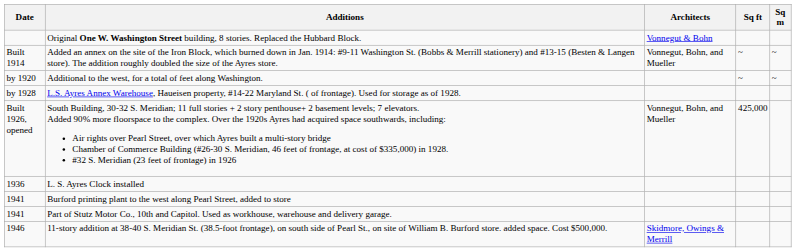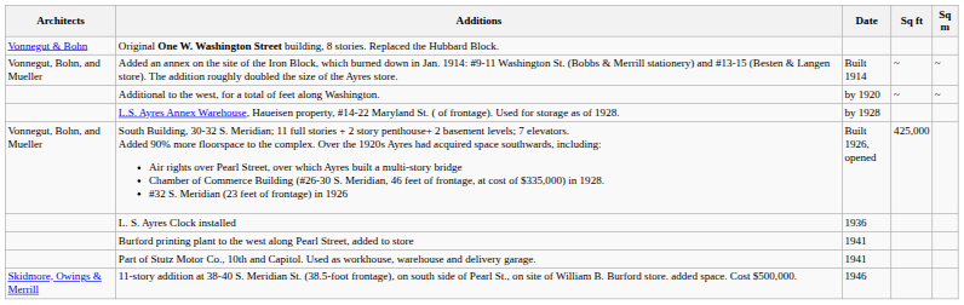 <table table class="wikitable" style="font-size:0.9em;line-spacing:0.8em;">
 <tr>
+<th>Architects</th>
+<th>Additions</th>
 <th>Date</th>
-<th>Additions</th>
-<th>Architects</th>
 <th>Sq ft</th>
 <th>Sq m</th>
 </tr>
 <tr style="vertical-align:top; ">
-<td></td>
+<td><a href='#'>Vonnegut & Bohn</a></td>
 <td>Original <strong>One W. Washington Street</strong> building, 8 stories. Replaced the Hubbard Block.</td>
-<td><a href='#'>Vonnegut & Bohn</a></td>
-<td></td>
-<td></td>
-</tr>
-<tr style="vertical-align:top;">
-<td>Built 1914</td>
-<td>Added an annex on the site of the Iron Block, which burned down in Jan. 1914: #9-11 Washington St. (Bobbs & Merrill stationery) and #13-15 (Besten & Langen store). The addition roughly doubled the size of the Ayres store.</td>
-<td>Vonnegut, Bohn, and Mueller</td>
-<td>~</td>
-<td>~</td>
-</tr>
-<tr style="vertical-align:top;">
-<td>by 1920</td>
-<td>Additional  to the west, for a total of  feet along Washington.</td>
-<td></td>
-<td>~</td>
-<td>~</td>
-</tr>
-<tr style="vertical-align:top;">
-<td>by 1928</td>
-<td><a href='#'>L.S. Ayres Annex Warehouse</a>, Haueisen property, #14-22 Maryland St. ( of frontage). Used for storage as of 1928.</td>
 <td></td>
 <td></td>
 <td></td>
 </tr>
 <tr style="vertical-align:top;">
+<td>Vonnegut, Bohn, and Mueller</td>
+<td>Added an annex on the site of the Iron Block, which burned down in Jan. 1914: #9-11 Washington St. (Bobbs & Merrill stationery) and #13-15 (Besten & Langen store). The addition roughly doubled the size of the Ayres store.</td>
+<td>Built 1914</td>
+<td>~</td>
+<td>~</td>
+</tr>
+<tr style="vertical-align:top;">
+<td></td>
+<td>Additional  to the west, for a total of  feet along Washington.</td>
+<td>by 1920</td>
+<td>~</td>
+<td>~</td>
+</tr>
+<tr style="vertical-align:top;">
+<td></td>
+<td><a href='#'>L.S. Ayres Annex Warehouse</a>, Haueisen property, #14-22 Maryland St. ( of frontage). Used for storage as of 1928.</td>
+<td>by 1928</td>
+<td></td>
+<td></td>
+</tr>
+<tr style="vertical-align:top;">
+<td>Vonnegut, Bohn, and Mueller</td>
+<td>South Building, 30-32 S. Meridian; 11 full stories + 2 story penthouse+ 2 basement levels; 7 elevators.<br>Added 90% more floorspace to the complex. Over the 1920s Ayres had acquired space southwards, including:<ul><li>Air rights over Pearl Street, over which Ayres built a multi-story bridge</li><li>Chamber of Commerce Building (#26-30 S. Meridian, 46 feet of frontage, at cost of $335,000) in 1928.</li><li>#32 S. Meridian (23 feet of frontage) in 1926</li></ul></td>
 <td>Built 1926,<br>opened </td>
-<td>South Building, 30-32 S. Meridian; 11 full stories + 2 story penthouse+ 2 basement levels; 7 elevators.<br>Added 90% more floorspace to the complex. Over the 1920s Ayres had acquired space southwards, including:<ul><li>Air rights over Pearl Street, over which Ayres built a multi-story bridge</li><li>Chamber of Commerce Building (#26-30 S. Meridian, 46 feet of frontage, at cost of $335,000) in 1928.</li><li>#32 S. Meridian (23 feet of frontage) in 1926</li></ul></td>
-<td>Vonnegut, Bohn, and Mueller</td>
 <td>425,000</td>
 <td></td>
 </tr>
 <tr>
+<td></td>
+<td>L. S. Ayres Clock installed</td>
 <td>1936</td>
-<td>L. S. Ayres Clock installed</td>
-<td></td>
 <td></td>
 <td></td>
 </tr>
 <tr style="vertical-align:top;">
+<td></td>
+<td>Burford printing plant to the west along Pearl Street, added to store</td>
 <td>1941</td>
-<td>Burford printing plant to the west along Pearl Street, added to store</td>
-<td></td>
 <td></td>
 <td></td>
 </tr>
 <tr style="vertical-align:top;">
+<td></td>
+<td>Part of Stutz Motor Co., 10th and Capitol. Used as workhouse, warehouse and delivery garage.</td>
 <td>1941</td>
-<td>Part of Stutz Motor Co., 10th and Capitol. Used as workhouse, warehouse and delivery garage.</td>
-<td></td>
 <td></td>
 <td></td>
 </tr>
 <tr style="vertical-align:top;">
+<td><a href='#'>Skidmore, Owings & Merrill</a></td>
+<td>11-story addition at 38-40 S. Meridian St. (38.5-foot frontage), on south side of Pearl St., on site of William B. Burford store.  added space. Cost $500,000.</td>
 <td>1946</td>
-<td>11-story addition at 38-40 S. Meridian St. (38.5-foot frontage), on south side of Pearl St., on site of William B. Burford store.  added space. Cost $500,000.</td>
-<td><a href='#'>Skidmore, Owings & Merrill</a></td>
 <td></td>
 <td></td>
 </tr>
 </table>
